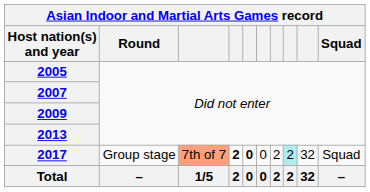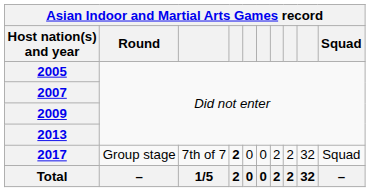 <table class="wikitable" style="font-size:90%; text-align:center;">
 <tr>
 <th colspan=10><a href='#'>Asian Indoor and Martial Arts Games</a> record</th>
 </tr>
 <tr>
 <th scope="col">Host nation(s)<br>and year</th>
 <th scope="col">Round</th>
 <th scope="col"></th>
 <th scope="col"></th>
 <th scope="col"></th>
 <th scope="col"></th>
 <th scope="col"></th>
 <th scope="col"></th>
 <th scope="col"></th>
 <th scope="col">Squad</th>
 </tr>
 <tr>
 <th scope="row"> <a href='#'>2005</a></th>
 <td colspan="9" rowspan="4"><em>Did not enter</em></td>
 </tr>
 <tr>
 <th scope="row"> <a href='#'>2007</a></th>
 </tr>
 <tr>
 <th scope="row"> <a href='#'>2009</a></th>
 </tr>
 <tr>
 <th scope="row"> <a href='#'>2013</a></th>
 </tr>
 <tr>
 <th scope="row"> <a href='#'>2017</a></th>
 <td>Group stage</td>
-<td style="background: lightsalmon;">7th of 7</td>
+<td>7th of 7</td>
 <td><strong>2</strong></td>
-<td><strong>0</strong></td>
+<td>0</td>
 <td>0</td>
 <td>2</td>
-<td style="background: paleturquoise;">2</td>
+<td>2</td>
 <td>32</td>
 <td>Squad</td>
 </tr>
 <tr>
 <th>Total</th>
 <th>–</th>
 <th>1/5</th>
 <th>2</th>
 <th>0</th>
 <th>0</th>
 <th>2</th>
 <th>2</th>
 <th>32</th>
 <th>–</th>
 </tr>
 </table>
